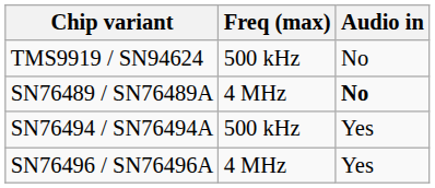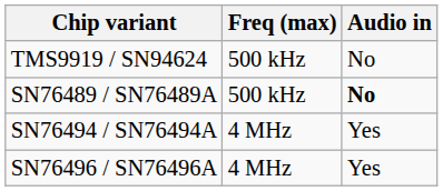 <table class="wikitable" style="margin-left: auto; margin-right: auto; border: none;">
 <tr>
 <th>Chip variant</th>
 <th>Freq (max)</th>
 <th>Audio in</th>
 </tr>
 <tr>
 <td>TMS9919 / SN94624</td>
 <td>500 kHz</td>
 <td>No</td>
 </tr>
 <tr>
 <td>SN76489 / SN76489A</td>
-<td>4 MHz</td>
+<td>500 kHz</td>
 <td><strong>No</strong></td>
 </tr>
 <tr>
 <td>SN76494 / SN76494A</td>
-<td>500 kHz</td>
+<td>4 MHz</td>
 <td>Yes</td>
 </tr>
 <tr>
 <td>SN76496 / SN76496A</td>
 <td>4 MHz</td>
 <td>Yes</td>
 </tr>
 </table>
